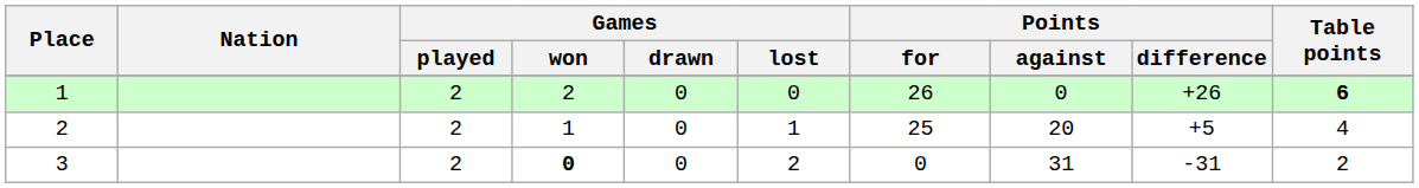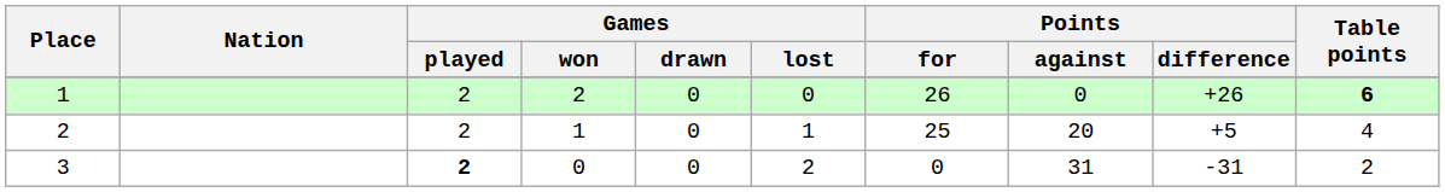 <table class="wikitable">
 <tr>
 <th rowspan=2 width="8%">Place</th>
 <th rowspan=2 width="20%">Nation</th>
 <th colspan=4 width="32%">Games</th>
 <th colspan=3 width="30%">Points</th>
 <th rowspan=2 width="10%">Table<br>points</th>
 </tr>
 <tr>
 <th width="8%">played</th>
 <th width="8%">won</th>
 <th width="8%">drawn</th>
 <th width="8%">lost</th>
 <th width="10%">for</th>
 <th width="10%">against</th>
 <th width="10%">difference</th>
 </tr>
 <tr>
 </tr>
 <tr bgcolor=#ccffcc align=center>
 <td>1</td>
 <td align=left><strong></strong></td>
 <td>2</td>
 <td>2</td>
 <td>0</td>
 <td>0</td>
 <td>26</td>
 <td>0</td>
 <td>+26</td>
 <td><strong>6</strong></td>
 </tr>
 <tr bgcolor=#ffffff align=center>
 <td>2</td>
 <td align=left></td>
 <td>2</td>
 <td>1</td>
 <td>0</td>
 <td>1</td>
 <td>25</td>
 <td>20</td>
 <td>+5</td>
 <td>4</td>
 </tr>
 <tr bgcolor=#ffffff align=center>
 <td>3</td>
 <td align=left></td>
-<td>2</td>
-<td><strong>0</strong></td>
+<td><strong>2</strong></td>
+<td>0</td>
 <td>0</td>
 <td>2</td>
 <td>0</td>
 <td>31</td>
 <td>-31</td>
 <td>2</td>
 </tr>
 </table>
